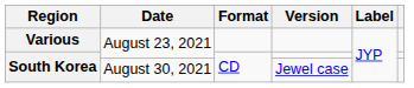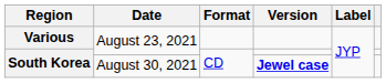 <table class="wikitable plainrowheaders">
 <tr>
 <th scope="col">Region</th>
 <th scope="col">Date</th>
 <th scope="col">Format</th>
 <th scope="col">Version</th>
 <th scope="col">Label</th>
 <th scope="col"></th>
 </tr>
 <tr>
 <th scope="row">Various</th>
 <td rowspan="2">August 23, 2021</td>
 <td></td>
 <td></td>
 <td rowspan="3"><a href='#'>JYP</a></td>
 <td style="text-align:center"></td>
 </tr>
 <tr>
 <th scope="row" rowspan="2">South Korea</th>
 <td rowspan="2"><a href='#'>CD</a></td>
 <td></td>
 <td style="text-align:center"></td>
 </tr>
 <tr>
 <td>August 30, 2021</td>
-<td><a href='#'>Jewel case</a></td>
+<td><strong><a href='#'>Jewel case</a></strong></td>
 <td style="text-align:center"></td>
 </tr>
 </table>
